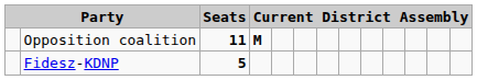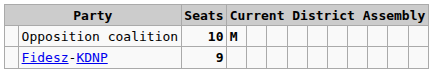 <table class="wikitable">
 <tr>
 <th style="background:#ccc" colspan="2">Party</th>
 <th style="background:#ccc">Seats</th>
 <th style="background:#ccc" colspan="10">Current District Assembly</th>
 </tr>
 <tr>
 <td style="background-color: "> </td>
 <td>Opposition coalition</td>
-<td style="text-align: right"><strong>11</strong></td>
+<td style="text-align: right"><strong>10</strong></td>
 <td style="background-color: "><span><strong>M</strong></span></td>
 <td style="background-color: "> </td>
 <td style="background-color: "> </td>
 <td style="background-color: "> </td>
 <td style="background-color: "> </td>
 <td style="background-color: "> </td>
 <td style="background-color: "> </td>
 <td style="background-color: "> </td>
 <td style="background-color: "> </td>
 <td style="background-color: "> </td>
 </tr>
 <tr>
 <td style="background-color: "> </td>
 <td><a href='#'>Fidesz</a>-<a href='#'>KDNP</a></td>
-<td style="text-align: right"><strong>5</strong></td>
+<td style="text-align: right"><strong>9</strong></td>
 <td style="background-color: "> </td>
 <td style="background-color: "> </td>
 <td style="background-color: "> </td>
 <td style="background-color: "> </td>
 <td style="background-color: "> </td>
 <td> </td>
 <td> </td>
 <td> </td>
 <td> </td>
 <td> </td>
 </tr>
 </table>
